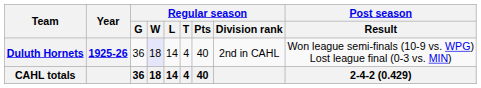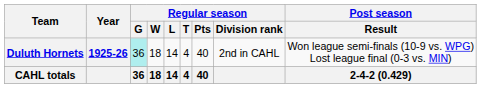 <table class="wikitable" style="font-size: 95%; text-align:center;">
 <tr>
 <th rowspan="2">Team</th>
 <th rowspan="2">Year</th>
 <th colspan="6"><a href='#'>Regular season</a></th>
 <th colspan="1"><a href='#'>Post season</a></th>
 </tr>
 <tr>
 <th>G</th>
 <th>W</th>
 <th>L</th>
 <th>T</th>
 <th>Pts</th>
 <th>Division rank</th>
 <th>Result</th>
 </tr>
 <tr>
 <th><a href='#'>Duluth Hornets</a></th>
 <th><a href='#'>1925-26</a></th>
-<td>36</td>
-<td style="background: lavender;">18</td>
+<td style="background: paleturquoise;">36</td>
+<td>18</td>
 <td>14</td>
 <td>4</td>
 <td>40</td>
 <td>2nd in CAHL</td>
 <td>Won league semi-finals (10-9 vs. <a href='#'>WPG</a>) <br> Lost league final (0-3 vs. <a href='#'>MIN</a>)</td>
 </tr>
 <tr align="centre" bgcolor="#dddddd">
 <th>CAHL totals</th>
 <th></th>
 <th>36</th>
 <th>18</th>
 <th>14</th>
 <th>4</th>
 <th>40</th>
 <th></th>
 <th>2-4-2 (0.429)</th>
 </tr>
 </table>
